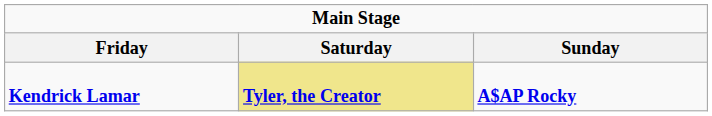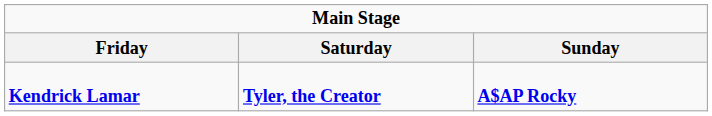 <table class="wikitable">
 <tr>
 <td colspan="3" style="text-align:center;"><strong>Main Stage</strong></td>
 </tr>
 <tr>
 <th>Friday</th>
 <th>Saturday</th>
 <th>Sunday</th>
 </tr>
 <tr>
 <td style="text-align:left; vertical-align:top; width:200px;"><br><strong><a href='#'>Kendrick Lamar</a></strong></td>
-<td style="background: khaki; text-align:left; vertical-align:top; width:200px;"><br><strong><a href='#'>Tyler, the Creator</a></strong></td>
+<td style="text-align:left; vertical-align:top; width:200px;"><br><strong><a href='#'>Tyler, the Creator</a></strong></td>
 <td style="text-align:left; vertical-align:top; width:200px;"><br><strong><a href='#'>A$AP Rocky</a></strong></td>
 </tr>
 </table>
